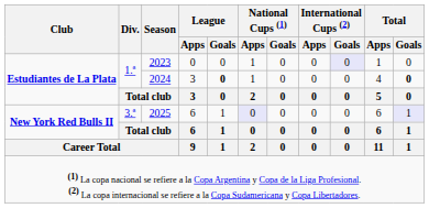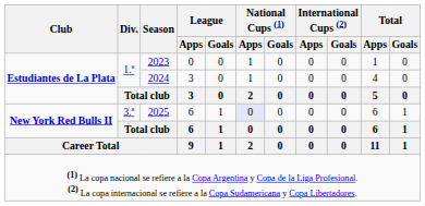 <table class="wikitable center" style="text-align: center">
 <tr>
 <th rowspan="2">Club</th>
 <th rowspan="2">Div.</th>
 <th rowspan="2">Season</th>
 <th colspan="2">League</th>
 <th colspan="2">National<br>Cups <sup>(<a href='#'>1</a>)</sup></th>
 <th colspan="2">International<br>Cups <sup>(<a href='#'>2</a>)</sup></th>
 <th colspan="2">Total</th>
 </tr>
 <tr>
 <th>Apps</th>
 <th>Goals</th>
 <th>Apps</th>
 <th>Goals</th>
 <th>Apps</th>
 <th>Goals</th>
 <th>Apps</th>
 <th>Goals</th>
 </tr>
 <tr>
 <td rowspan="3"><strong><a href='#'>Estudiantes de La Plata</a></strong><br><small></small></td>
 <td rowspan="2"><a href='#'>1.ª</a></td>
 <td><a href='#'>2023</a></td>
 <td>0</td>
 <td>0</td>
 <td>1</td>
 <td>0</td>
 <td>0</td>
-<td style="background: lavender;">0</td>
+<td>0</td>
 <td>1</td>
 <td>0</td>
 </tr>
 <tr>
 <td><a href='#'>2024</a></td>
 <td>3</td>
-<td><strong>0</strong></td>
+<td>0</td>
 <td>1</td>
 <td>0</td>
 <td>0</td>
 <td>0</td>
 <td>4</td>
-<td><strong>0</strong></td>
+<td>0</td>
 </tr>
 <tr>
 <th colspan=2>Total club</th>
 <th>3</th>
 <th>0</th>
 <th>2</th>
 <th>0</th>
 <th>0</th>
 <th>0</th>
 <th>5</th>
 <th>0</th>
 </tr>
 <tr>
 <td rowspan="2"><strong><a href='#'>New York Red Bulls II</a></strong><br><small></small></td>
 <td><a href='#'>3.ª</a></td>
 <td><a href='#'>2025</a></td>
 <td>6</td>
 <td>1</td>
 <td style="background: lavender;">0</td>
 <td>0</td>
 <td>0</td>
 <td>0</td>
 <td>6</td>
-<td style="background: lavender;">1</td>
+<td>1</td>
 </tr>
 <tr>
 <th colspan=2>Total club</th>
 <th>6</th>
 <th>1</th>
 <th>0</th>
 <th>0</th>
 <th>0</th>
 <th>0</th>
 <th>6</th>
 <th>1</th>
 </tr>
 <tr>
 <th colspan="3">Career Total</th>
 <th>9</th>
 <th>1</th>
 <th>2</th>
 <th>0</th>
 <th>0</th>
 <th>0</th>
 <th>11</th>
 <th>1</th>
 </tr>
 <tr>
 <td colspan="23"><br><div><sup><strong>(1)</strong> </sup><small>La copa nacional se refiere a la <a href='#'>Copa Argentina</a> y <a href='#'>Copa de la Liga Profesional</a>.</small></div> <div><sup><strong>(2)</strong> </sup><small>La copa internacional se refiere a la <a href='#'>Copa Sudamericana</a> y <a href='#'>Copa Libertadores</a>.</small></div></td>
 </tr>
 </table>
